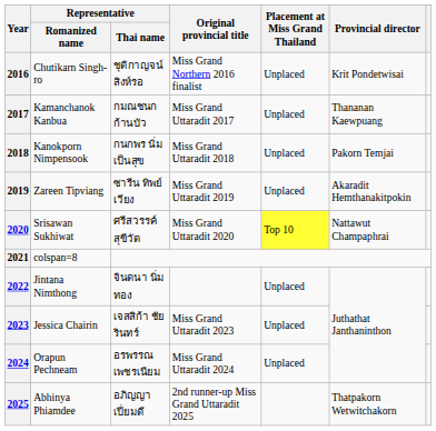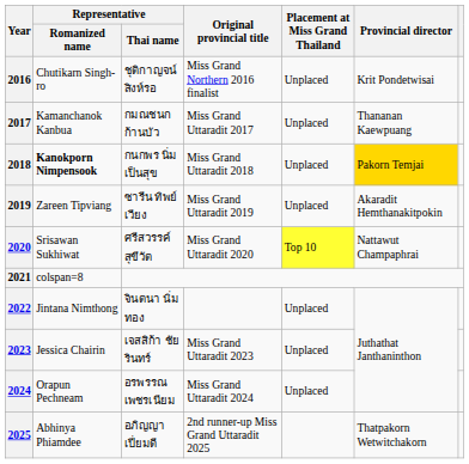 <table class="wikitable defaultcenter col2left col3left col6left" style="font-size:95%;">
 <tr>
 <th rowspan=2>Year</th>
 <th colspan=2>Representative</th>
 <th rowspan=2>Original provincial title</th>
 <th rowspan=2>Placement at<br>Miss Grand Thailand</th>
 <th rowspan=2>Provincial director</th>
 <th rowspan=2></th>
 </tr>
 <tr>
 <th>Romanized name</th>
 <th>Thai name</th>
 </tr>
 <tr>
 <th>2016</th>
 <td>Chutikarn Singh-ro</td>
 <td>ชุติกาญจน์ สิงห์รอ</td>
 <td>Miss Grand <a href='#'>Northern</a> 2016 finalist</td>
 <td>Unplaced</td>
 <td>Krit Pondetwisai</td>
 <td></td>
 </tr>
 <tr>
 <th>2017</th>
 <td>Kamanchanok Kanbua</td>
 <td>กมณชนก ก้านบัว</td>
 <td>Miss Grand Uttaradit 2017</td>
 <td>Unplaced</td>
 <td>Thananan Kaewpuang</td>
 <td></td>
 </tr>
 <tr>
 <th>2018</th>
-<td>Kanokporn Nimpensook</td>
+<td><strong>Kanokporn Nimpensook</strong></td>
 <td>กนกพร นิ่มเป็นสุข</td>
 <td>Miss Grand Uttaradit 2018</td>
 <td>Unplaced</td>
-<td>Pakorn Temjai</td>
+<td style="background: gold;">Pakorn Temjai</td>
 <td></td>
 </tr>
 <tr>
 <th>2019</th>
 <td>Zareen Tipviang</td>
 <td>ซารีน ทิพย์เวียง</td>
 <td>Miss Grand Uttaradit 2019</td>
 <td>Unplaced</td>
 <td>Akaradit Hemthanakitpokin</td>
 <td></td>
 </tr>
 <tr>
 <th><a href='#'>2020</a></th>
 <td>Srisawan Sukhiwat</td>
 <td>ศรีสวรรค์ สุขีวัต</td>
 <td>Miss Grand Uttaradit 2020</td>
 <td bgcolor=#FFFF33>Top 10</td>
 <td>Nattawut Champaphrai</td>
 <td></td>
 </tr>
 <tr>
 <th>2021</th>
 <td>colspan=8 </td>
 </tr>
 <tr>
 <th><a href='#'>2022</a></th>
 <td>Jintana Nimthong</td>
 <td>จินตนา นิ่มทอง</td>
 <td></td>
 <td>Unplaced</td>
 <td rowspan=3>Juthathat Janthaninthon</td>
 <td></td>
 </tr>
 <tr>
 <th><a href='#'>2023</a></th>
 <td>Jessica Chairin</td>
 <td>เจสสิก้า ชัยรินทร์</td>
 <td>Miss Grand Uttaradit 2023</td>
 <td>Unplaced</td>
 <td></td>
 </tr>
 <tr>
 <th><a href='#'>2024</a></th>
 <td>Orapun Pechneam</td>
 <td>อรพรรณ เพชรเนียม</td>
 <td>Miss Grand Uttaradit 2024</td>
 <td>Unplaced</td>
 <td></td>
 </tr>
 <tr>
 <th><a href='#'>2025</a></th>
 <td>Abhinya Phiamdee</td>
 <td>อภิญญา เปี่ยมดี</td>
 <td>2nd runner-up Miss Grand Uttaradit 2025</td>
 <td></td>
 <td>Thatpakorn Wetwitchakorn</td>
 <td></td>
 </tr>
 </table>
